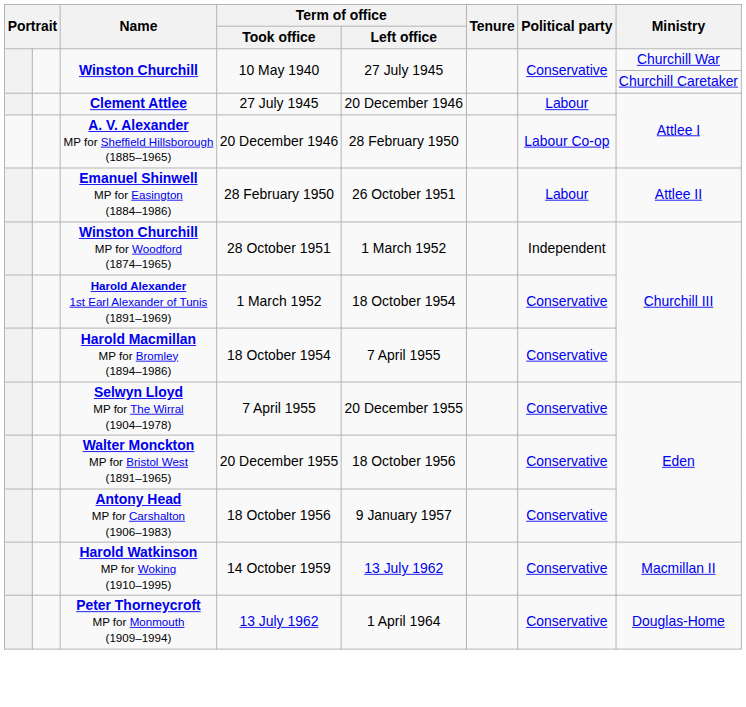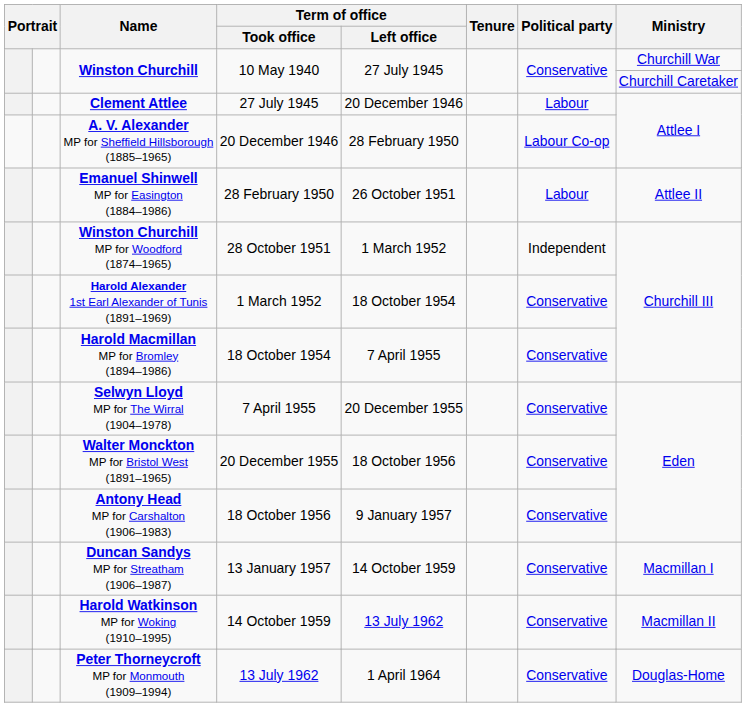 <table class="wikitable" style="text-align:center">
 <tr>
 <th colspan="2" rowspan="2">Portrait</th>
 <th rowspan="2">Name <br></th>
 <th colspan="2">Term of office</th>
 <th rowspan="2" style="width:10px">Tenure</th>
 <th rowspan="2">Political party</th>
 <th rowspan="2">Ministry</th>
 </tr>
 <tr>
 <th>Took office</th>
 <th>Left office</th>
 </tr>
 <tr>
 <th rowspan="2" style="background-color:"></th>
 <td rowspan="2"></td>
 <td rowspan="2"><strong><a href='#'>Winston Churchill</a></strong><br></td>
 <td rowspan="2">10 May 1940</td>
 <td rowspan="2">27 July 1945</td>
 <td rowspan="2"><small></small></td>
 <td rowspan="2" ><a href='#'>Conservative</a></td>
 <td><a href='#'>Churchill War</a></td>
 </tr>
 <tr>
 <td><a href='#'>Churchill Caretaker</a></td>
 </tr>
 <tr>
 <th style="background-color:"></th>
 <td></td>
 <td><strong><a href='#'>Clement Attlee</a></strong><br></td>
 <td>27 July 1945</td>
 <td>20 December 1946</td>
 <td><small></small></td>
 <td><a href='#'>Labour</a></td>
 <td rowspan="2" ><a href='#'>Attlee I</a></td>
 </tr>
 <tr>
 <td style="background-color:"></td>
 <td></td>
 <td><strong><a href='#'>A. V. Alexander</a></strong><br><small>MP for <a href='#'>Sheffield Hillsborough</a><br>(1885–1965)</small></td>
 <td>20 December 1946</td>
 <td>28 February 1950</td>
 <td><small></small></td>
 <td><a href='#'>Labour Co-op</a></td>
 </tr>
 <tr>
 <th style="background-color:"></th>
 <td></td>
 <td><strong><a href='#'>Emanuel Shinwell</a></strong><br><small>MP for <a href='#'>Easington</a><br>(1884–1986)</small></td>
 <td>28 February 1950</td>
 <td>26 October 1951</td>
 <td><small></small></td>
 <td><a href='#'>Labour</a></td>
 <td><a href='#'>Attlee II</a></td>
 </tr>
 <tr>
 <th style="background-color:"></th>
 <td></td>
 <td><strong><a href='#'>Winston Churchill</a></strong><br><small>MP for <a href='#'>Woodford</a><br>(1874–1965)</small></td>
 <td>28 October 1951</td>
 <td>1 March 1952</td>
 <td><small></small></td>
 <td>Independent</td>
 <td rowspan="3" ><a href='#'>Churchill III</a></td>
 </tr>
 <tr>
 <th style="background-color:"></th>
 <td></td>
 <td><small><a href='#'><strong>Harold Alexander</strong><br>1st Earl Alexander of Tunis</a><br>(1891–1969)</small></td>
 <td>1 March 1952</td>
 <td>18 October 1954</td>
 <td><small></small></td>
 <td><a href='#'>Conservative</a></td>
 </tr>
 <tr>
 <th style="background-color:"></th>
 <td></td>
 <td><strong><a href='#'>Harold Macmillan</a></strong><br><small>MP for <a href='#'>Bromley</a><br>(1894–1986)</small></td>
 <td>18 October 1954</td>
 <td>7 April 1955</td>
 <td><small></small></td>
 <td><a href='#'>Conservative</a></td>
 </tr>
 <tr>
 <th style="background-color:"></th>
 <td></td>
 <td><strong><a href='#'>Selwyn Lloyd</a></strong><br><small>MP for <a href='#'>The Wirral</a><br>(1904–1978)</small></td>
 <td>7 April 1955</td>
 <td>20 December 1955</td>
 <td><small></small></td>
 <td><a href='#'>Conservative</a></td>
 <td rowspan="3" ><a href='#'>Eden</a></td>
 </tr>
 <tr>
 <th style="background-color:"></th>
 <td></td>
 <td><strong><a href='#'>Walter Monckton</a></strong><br><small>MP for <a href='#'>Bristol West</a><br>(1891–1965)</small></td>
 <td>20 December 1955</td>
 <td>18 October 1956</td>
 <td><small></small></td>
 <td><a href='#'>Conservative</a></td>
 </tr>
 <tr>
 <th style="background-color:"></th>
 <td></td>
 <td><strong><a href='#'>Antony Head</a></strong><br><small>MP for <a href='#'>Carshalton</a><br>(1906–1983)</small></td>
 <td>18 October 1956</td>
 <td>9 January 1957</td>
 <td><small></small></td>
 <td><a href='#'>Conservative</a></td>
 </tr>
 <tr>
 <th style="background-color:"></th>
 <td></td>
+<td><strong><a href='#'>Duncan Sandys</a></strong><br><small>MP for <a href='#'>Streatham</a><br>(1906–1987)</small></td>
+<td>13 January 1957</td>
+<td>14 October 1959</td>
+<td><small></small></td>
+<td><a href='#'>Conservative</a></td>
+<td><a href='#'>Macmillan I</a></td>
+</tr>
+<tr>
+<th style="background-color:"></th>
+<td></td>
 <td><strong><a href='#'>Harold Watkinson</a></strong><br><small>MP for <a href='#'>Woking</a><br>(1910–1995)</small></td>
 <td>14 October 1959</td>
 <td><a href='#'>13 July 1962</a></td>
 <td><small></small></td>
 <td><a href='#'>Conservative</a></td>
 <td rowspan="2" ><a href='#'>Macmillan II</a></td>
 </tr>
 <tr>
 <th rowspan="2" style="background-color:"></th>
 <td rowspan="2"></td>
 <td rowspan="2"><strong><a href='#'>Peter Thorneycroft</a></strong><br><small>MP for <a href='#'>Monmouth</a><br>(1909–1994)</small></td>
 <td rowspan="2"><a href='#'>13 July 1962</a></td>
 <td rowspan="2">1 April 1964</td>
 <td rowspan="2"><small></small></td>
 <td rowspan="2" ><a href='#'>Conservative</a></td>
 </tr>
 <tr>
 <td><a href='#'>Douglas-Home</a></td>
 </tr>
 </table>
